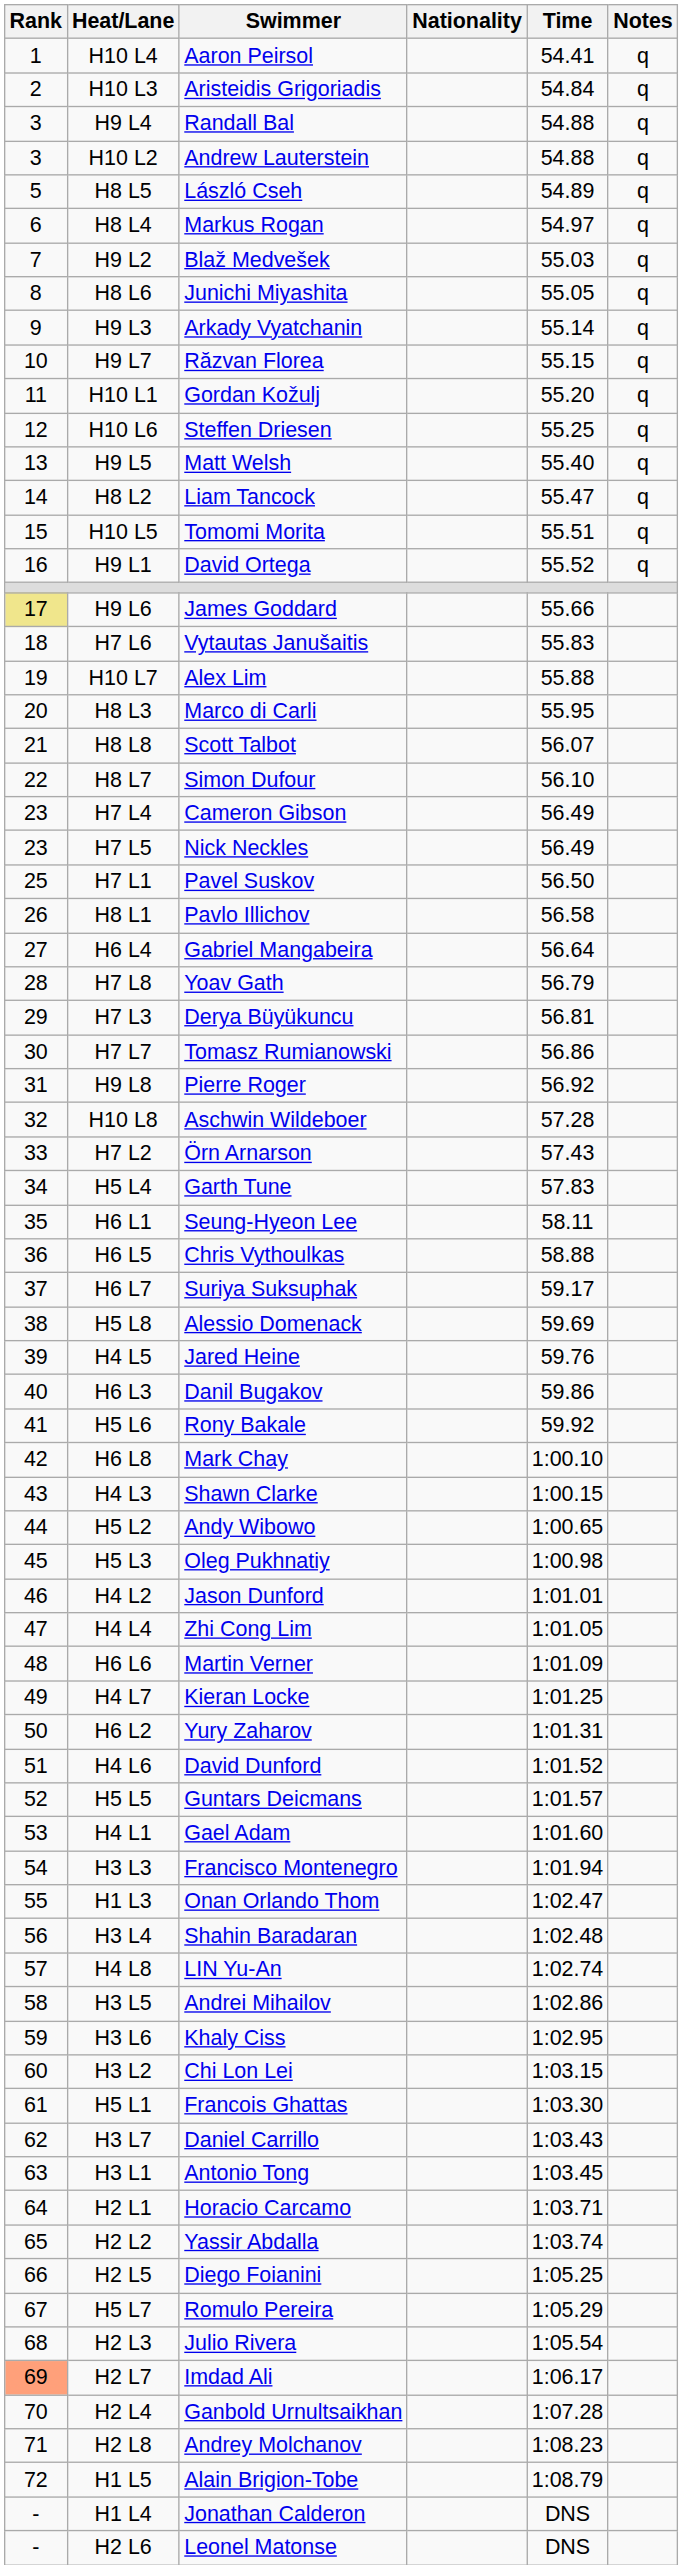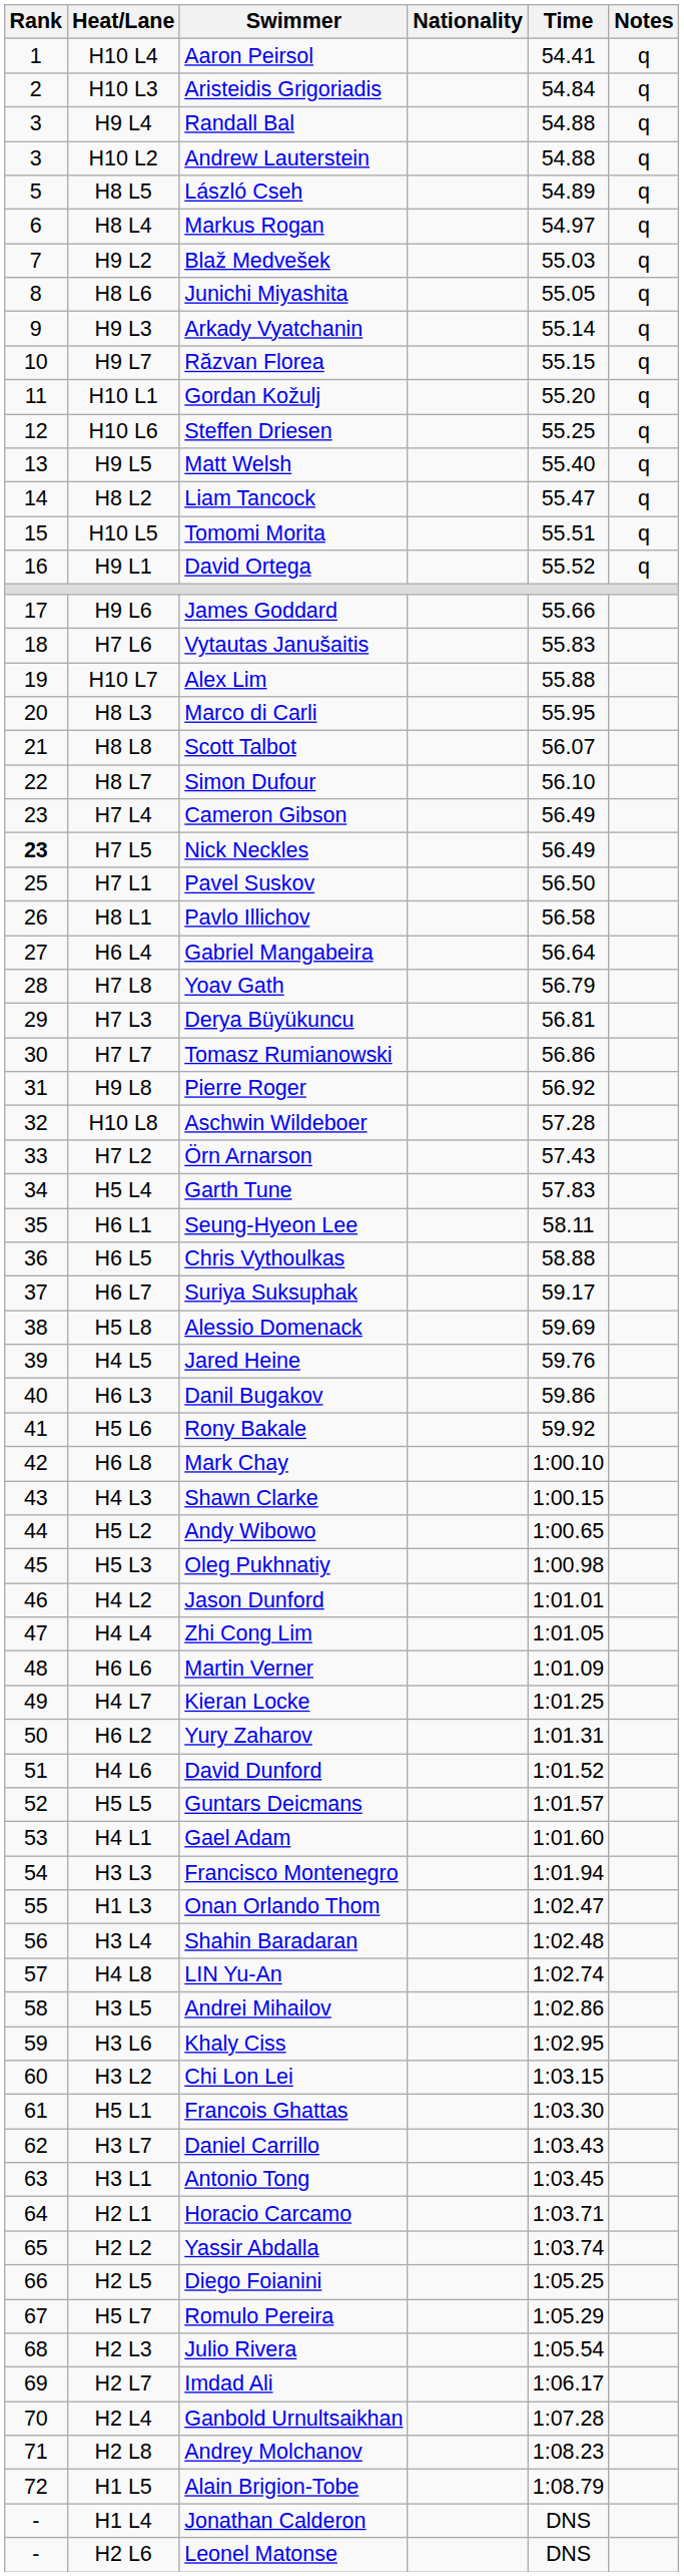 <table class="wikitable sortable" style="text-align:center">
 <tr>
 <th>Rank</th>
 <th>Heat/Lane</th>
 <th>Swimmer</th>
 <th>Nationality</th>
 <th>Time</th>
 <th>Notes</th>
 </tr>
 <tr>
 <td>1</td>
 <td>H10 L4</td>
 <td align=left><a href='#'>Aaron Peirsol</a></td>
 <td align=left></td>
 <td>54.41</td>
 <td>q</td>
 </tr>
 <tr>
 <td>2</td>
 <td>H10 L3</td>
 <td align=left><a href='#'>Aristeidis Grigoriadis</a></td>
 <td align=left></td>
 <td>54.84</td>
 <td>q</td>
 </tr>
 <tr>
 <td>3</td>
 <td>H9 L4</td>
 <td align=left><a href='#'>Randall Bal</a></td>
 <td align=left></td>
 <td>54.88</td>
 <td>q</td>
 </tr>
 <tr>
 <td>3</td>
 <td>H10 L2</td>
 <td align=left><a href='#'>Andrew Lauterstein</a></td>
 <td align=left></td>
 <td>54.88</td>
 <td>q</td>
 </tr>
 <tr>
 <td>5</td>
 <td>H8 L5</td>
 <td align=left><a href='#'>László Cseh</a></td>
 <td align=left></td>
 <td>54.89</td>
 <td>q</td>
 </tr>
 <tr>
 <td>6</td>
 <td>H8 L4</td>
 <td align=left><a href='#'>Markus Rogan</a></td>
 <td align=left></td>
 <td>54.97</td>
 <td>q</td>
 </tr>
 <tr>
 <td>7</td>
 <td>H9 L2</td>
 <td align=left><a href='#'>Blaž Medvešek</a></td>
 <td align=left></td>
 <td>55.03</td>
 <td>q</td>
 </tr>
 <tr>
 <td>8</td>
 <td>H8 L6</td>
 <td align=left><a href='#'>Junichi Miyashita</a></td>
 <td align=left></td>
 <td>55.05</td>
 <td>q</td>
 </tr>
 <tr>
 <td>9</td>
 <td>H9 L3</td>
 <td align=left><a href='#'>Arkady Vyatchanin</a></td>
 <td align=left></td>
 <td>55.14</td>
 <td>q</td>
 </tr>
 <tr>
 <td>10</td>
 <td>H9 L7</td>
 <td align=left><a href='#'>Răzvan Florea</a></td>
 <td align=left></td>
 <td>55.15</td>
 <td>q</td>
 </tr>
 <tr>
 <td>11</td>
 <td>H10 L1</td>
 <td align=left><a href='#'>Gordan Kožulj</a></td>
 <td align=left></td>
 <td>55.20</td>
 <td>q</td>
 </tr>
 <tr>
 <td>12</td>
 <td>H10 L6</td>
 <td align=left><a href='#'>Steffen Driesen</a></td>
 <td align=left></td>
 <td>55.25</td>
 <td>q</td>
 </tr>
 <tr>
 <td>13</td>
 <td>H9 L5</td>
 <td align=left><a href='#'>Matt Welsh</a></td>
 <td align=left></td>
 <td>55.40</td>
 <td>q</td>
 </tr>
 <tr>
 <td>14</td>
 <td>H8 L2</td>
 <td align=left><a href='#'>Liam Tancock</a></td>
 <td align=left></td>
 <td>55.47</td>
 <td>q</td>
 </tr>
 <tr>
 <td>15</td>
 <td>H10 L5</td>
 <td align=left><a href='#'>Tomomi Morita</a></td>
 <td align=left></td>
 <td>55.51</td>
 <td>q</td>
 </tr>
 <tr>
 <td>16</td>
 <td>H9 L1</td>
 <td align=left><a href='#'>David Ortega</a></td>
 <td align=left></td>
 <td>55.52</td>
 <td>q</td>
 </tr>
 <tr bgcolor=#DDDDDD>
 <td colspan=6></td>
 </tr>
 <tr>
-<td style="background: khaki;">17</td>
+<td>17</td>
 <td>H9 L6</td>
 <td align=left><a href='#'>James Goddard</a></td>
 <td align=left></td>
 <td>55.66</td>
 <td></td>
 </tr>
 <tr>
 <td>18</td>
 <td>H7 L6</td>
 <td align=left><a href='#'>Vytautas Janušaitis</a></td>
 <td align=left></td>
 <td>55.83</td>
 <td></td>
 </tr>
 <tr>
 <td>19</td>
 <td>H10 L7</td>
 <td align=left><a href='#'>Alex Lim</a></td>
 <td align=left></td>
 <td>55.88</td>
 <td></td>
 </tr>
 <tr>
 <td>20</td>
 <td>H8 L3</td>
 <td align=left><a href='#'>Marco di Carli</a></td>
 <td align=left></td>
 <td>55.95</td>
 <td></td>
 </tr>
 <tr>
 <td>21</td>
 <td>H8 L8</td>
 <td align=left><a href='#'>Scott Talbot</a></td>
 <td align=left></td>
 <td>56.07</td>
 <td></td>
 </tr>
 <tr>
 <td>22</td>
 <td>H8 L7</td>
 <td align=left><a href='#'>Simon Dufour</a></td>
 <td align=left></td>
 <td>56.10</td>
 <td></td>
 </tr>
 <tr>
 <td>23</td>
 <td>H7 L4</td>
 <td align=left><a href='#'>Cameron Gibson</a></td>
 <td align=left></td>
 <td>56.49</td>
 <td></td>
 </tr>
 <tr>
-<td>23</td>
+<td><strong>23</strong></td>
 <td>H7 L5</td>
 <td align=left><a href='#'>Nick Neckles</a></td>
 <td align=left></td>
 <td>56.49</td>
 <td></td>
 </tr>
 <tr>
 <td>25</td>
 <td>H7 L1</td>
 <td align=left><a href='#'>Pavel Suskov</a></td>
 <td align=left></td>
 <td>56.50</td>
 <td></td>
 </tr>
 <tr>
 <td>26</td>
 <td>H8 L1</td>
 <td align=left><a href='#'>Pavlo Illichov</a></td>
 <td align=left></td>
 <td>56.58</td>
 <td></td>
 </tr>
 <tr>
 <td>27</td>
 <td>H6 L4</td>
 <td align=left><a href='#'>Gabriel Mangabeira</a></td>
 <td align=left></td>
 <td>56.64</td>
 <td></td>
 </tr>
 <tr>
 <td>28</td>
 <td>H7 L8</td>
 <td align=left><a href='#'>Yoav Gath</a></td>
 <td align=left></td>
 <td>56.79</td>
 <td></td>
 </tr>
 <tr>
 <td>29</td>
 <td>H7 L3</td>
 <td align=left><a href='#'>Derya Büyükuncu</a></td>
 <td align=left></td>
 <td>56.81</td>
 <td></td>
 </tr>
 <tr>
 <td>30</td>
 <td>H7 L7</td>
 <td align=left><a href='#'>Tomasz Rumianowski</a></td>
 <td align=left></td>
 <td>56.86</td>
 <td></td>
 </tr>
 <tr>
 <td>31</td>
 <td>H9 L8</td>
 <td align=left><a href='#'>Pierre Roger</a></td>
 <td align=left></td>
 <td>56.92</td>
 <td></td>
 </tr>
 <tr>
 <td>32</td>
 <td>H10 L8</td>
 <td align=left><a href='#'>Aschwin Wildeboer</a></td>
 <td align=left></td>
 <td>57.28</td>
 <td></td>
 </tr>
 <tr>
 <td>33</td>
 <td>H7 L2</td>
 <td align=left><a href='#'>Örn Arnarson</a></td>
 <td align=left></td>
 <td>57.43</td>
 <td></td>
 </tr>
 <tr>
 <td>34</td>
 <td>H5 L4</td>
 <td align=left><a href='#'>Garth Tune</a></td>
 <td align=left></td>
 <td>57.83</td>
 <td></td>
 </tr>
 <tr>
 <td>35</td>
 <td>H6 L1</td>
 <td align=left><a href='#'>Seung-Hyeon Lee</a></td>
 <td align=left></td>
 <td>58.11</td>
 <td></td>
 </tr>
 <tr>
 <td>36</td>
 <td>H6 L5</td>
 <td align=left><a href='#'>Chris Vythoulkas</a></td>
 <td align=left></td>
 <td>58.88</td>
 <td></td>
 </tr>
 <tr>
 <td>37</td>
 <td>H6 L7</td>
 <td align=left><a href='#'>Suriya Suksuphak</a></td>
 <td align=left></td>
 <td>59.17</td>
 <td></td>
 </tr>
 <tr>
 <td>38</td>
 <td>H5 L8</td>
 <td align=left><a href='#'>Alessio Domenack</a></td>
 <td align=left></td>
 <td>59.69</td>
 <td></td>
 </tr>
 <tr>
 <td>39</td>
 <td>H4 L5</td>
 <td align=left><a href='#'>Jared Heine</a></td>
 <td align=left></td>
 <td>59.76</td>
 <td></td>
 </tr>
 <tr>
 <td>40</td>
 <td>H6 L3</td>
 <td align=left><a href='#'>Danil Bugakov</a></td>
 <td align=left></td>
 <td>59.86</td>
 <td></td>
 </tr>
 <tr>
 <td>41</td>
 <td>H5 L6</td>
 <td align=left><a href='#'>Rony Bakale</a></td>
 <td align=left></td>
 <td>59.92</td>
 <td></td>
 </tr>
 <tr>
 <td>42</td>
 <td>H6 L8</td>
 <td align=left><a href='#'>Mark Chay</a></td>
 <td align=left></td>
 <td>1:00.10</td>
 <td></td>
 </tr>
 <tr>
 <td>43</td>
 <td>H4 L3</td>
 <td align=left><a href='#'>Shawn Clarke</a></td>
 <td align=left></td>
 <td>1:00.15</td>
 <td></td>
 </tr>
 <tr>
 <td>44</td>
 <td>H5 L2</td>
 <td align=left><a href='#'>Andy Wibowo</a></td>
 <td align=left></td>
 <td>1:00.65</td>
 <td></td>
 </tr>
 <tr>
 <td>45</td>
 <td>H5 L3</td>
 <td align=left><a href='#'>Oleg Pukhnatiy</a></td>
 <td align=left></td>
 <td>1:00.98</td>
 <td></td>
 </tr>
 <tr>
 <td>46</td>
 <td>H4 L2</td>
 <td align=left><a href='#'>Jason Dunford</a></td>
 <td align=left></td>
 <td>1:01.01</td>
 <td></td>
 </tr>
 <tr>
 <td>47</td>
 <td>H4 L4</td>
 <td align=left><a href='#'>Zhi Cong Lim</a></td>
 <td align=left></td>
 <td>1:01.05</td>
 <td></td>
 </tr>
 <tr>
 <td>48</td>
 <td>H6 L6</td>
 <td align=left><a href='#'>Martin Verner</a></td>
 <td align=left></td>
 <td>1:01.09</td>
 <td></td>
 </tr>
 <tr>
 <td>49</td>
 <td>H4 L7</td>
 <td align=left><a href='#'>Kieran Locke</a></td>
 <td align=left></td>
 <td>1:01.25</td>
 <td></td>
 </tr>
 <tr>
 <td>50</td>
 <td>H6 L2</td>
 <td align=left><a href='#'>Yury Zaharov</a></td>
 <td align=left></td>
 <td>1:01.31</td>
 <td></td>
 </tr>
 <tr>
 <td>51</td>
 <td>H4 L6</td>
 <td align=left><a href='#'>David Dunford</a></td>
 <td align=left></td>
 <td>1:01.52</td>
 <td></td>
 </tr>
 <tr>
 <td>52</td>
 <td>H5 L5</td>
 <td align=left><a href='#'>Guntars Deicmans</a></td>
 <td align=left></td>
 <td>1:01.57</td>
 <td></td>
 </tr>
 <tr>
 <td>53</td>
 <td>H4 L1</td>
 <td align=left><a href='#'>Gael Adam</a></td>
 <td align=left></td>
 <td>1:01.60</td>
 <td></td>
 </tr>
 <tr>
 <td>54</td>
 <td>H3 L3</td>
 <td align=left><a href='#'>Francisco Montenegro</a></td>
 <td align=left></td>
 <td>1:01.94</td>
 <td></td>
 </tr>
 <tr>
 <td>55</td>
 <td>H1 L3</td>
 <td align=left><a href='#'>Onan Orlando Thom</a></td>
 <td align=left></td>
 <td>1:02.47</td>
 <td></td>
 </tr>
 <tr>
 <td>56</td>
 <td>H3 L4</td>
 <td align=left><a href='#'>Shahin Baradaran</a></td>
 <td align=left></td>
 <td>1:02.48</td>
 <td></td>
 </tr>
 <tr>
 <td>57</td>
 <td>H4 L8</td>
 <td align=left><a href='#'>LIN Yu-An</a></td>
 <td align=left></td>
 <td>1:02.74</td>
 <td></td>
 </tr>
 <tr>
 <td>58</td>
 <td>H3 L5</td>
 <td align=left><a href='#'>Andrei Mihailov</a></td>
 <td align=left></td>
 <td>1:02.86</td>
 <td></td>
 </tr>
 <tr>
 <td>59</td>
 <td>H3 L6</td>
 <td align=left><a href='#'>Khaly Ciss</a></td>
 <td align=left></td>
 <td>1:02.95</td>
 <td></td>
 </tr>
 <tr>
 <td>60</td>
 <td>H3 L2</td>
 <td align=left><a href='#'>Chi Lon Lei</a></td>
 <td align=left></td>
 <td>1:03.15</td>
 <td></td>
 </tr>
 <tr>
 <td>61</td>
 <td>H5 L1</td>
 <td align=left><a href='#'>Francois Ghattas</a></td>
 <td align=left></td>
 <td>1:03.30</td>
 <td></td>
 </tr>
 <tr>
 <td>62</td>
 <td>H3 L7</td>
 <td align=left><a href='#'>Daniel Carrillo</a></td>
 <td align=left></td>
 <td>1:03.43</td>
 <td></td>
 </tr>
 <tr>
 <td>63</td>
 <td>H3 L1</td>
 <td align=left><a href='#'>Antonio Tong</a></td>
 <td align=left></td>
 <td>1:03.45</td>
 <td></td>
 </tr>
 <tr>
 <td>64</td>
 <td>H2 L1</td>
 <td align=left><a href='#'>Horacio Carcamo</a></td>
 <td align=left></td>
 <td>1:03.71</td>
 <td></td>
 </tr>
 <tr>
 <td>65</td>
 <td>H2 L2</td>
 <td align=left><a href='#'>Yassir Abdalla</a></td>
 <td align=left></td>
 <td>1:03.74</td>
 <td></td>
 </tr>
 <tr>
 <td>66</td>
 <td>H2 L5</td>
 <td align=left><a href='#'>Diego Foianini</a></td>
 <td align=left></td>
 <td>1:05.25</td>
 <td></td>
 </tr>
 <tr>
 <td>67</td>
 <td>H5 L7</td>
 <td align=left><a href='#'>Romulo Pereira</a></td>
 <td align=left></td>
 <td>1:05.29</td>
 <td></td>
 </tr>
 <tr>
 <td>68</td>
 <td>H2 L3</td>
 <td align=left><a href='#'>Julio Rivera</a></td>
 <td align=left></td>
 <td>1:05.54</td>
 <td></td>
 </tr>
 <tr>
-<td style="background: lightsalmon;">69</td>
+<td>69</td>
 <td>H2 L7</td>
 <td align=left><a href='#'>Imdad Ali</a></td>
 <td align=left></td>
 <td>1:06.17</td>
 <td></td>
 </tr>
 <tr>
 <td>70</td>
 <td>H2 L4</td>
 <td align=left><a href='#'>Ganbold Urnultsaikhan</a></td>
 <td align=left></td>
 <td>1:07.28</td>
 <td></td>
 </tr>
 <tr>
 <td>71</td>
 <td>H2 L8</td>
 <td align=left><a href='#'>Andrey Molchanov</a></td>
 <td align=left></td>
 <td>1:08.23</td>
 <td></td>
 </tr>
 <tr>
 <td>72</td>
 <td>H1 L5</td>
 <td align=left><a href='#'>Alain Brigion-Tobe</a></td>
 <td align=left></td>
 <td>1:08.79</td>
 <td></td>
 </tr>
 <tr>
 <td>-</td>
 <td>H1 L4</td>
 <td align=left><a href='#'>Jonathan Calderon</a></td>
 <td align=left></td>
 <td>DNS</td>
 <td></td>
 </tr>
 <tr>
 <td>-</td>
 <td>H2 L6</td>
 <td align=left><a href='#'>Leonel Matonse</a></td>
 <td align=left></td>
 <td>DNS</td>
 <td></td>
 </tr>
 <tr>
 </tr>
 </table>
